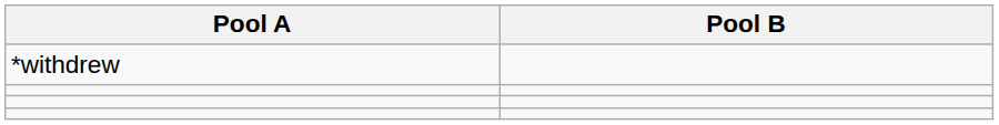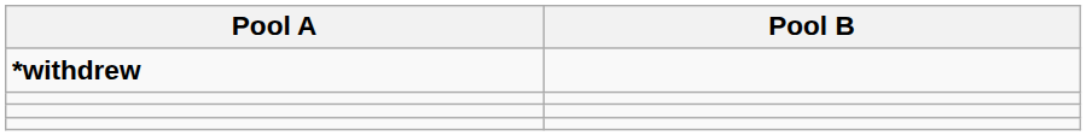 <table class="wikitable" style="width:50%;">
 <tr>
 <th width=50%>Pool A</th>
 <th width=50%>Pool B</th>
 </tr>
 <tr>
-<td><s></s> *withdrew</td>
+<td><strong><s></s> *withdrew</strong></td>
 <td></td>
 </tr>
 <tr>
 <td></td>
 <td></td>
 </tr>
 <tr>
 <td></td>
 <td></td>
 </tr>
 <tr>
 <td></td>
 <td></td>
 </tr>
 </table>
